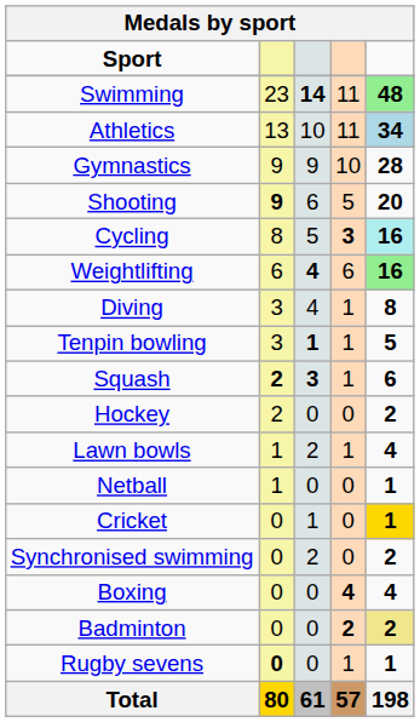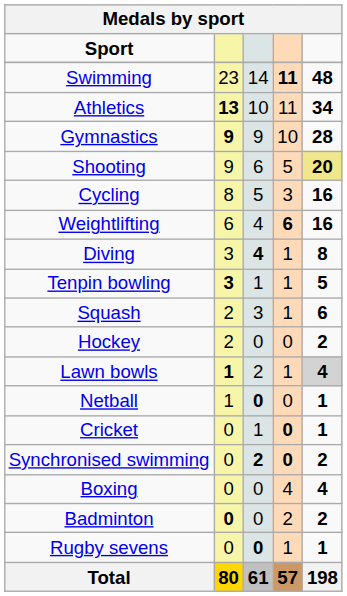 <table class="wikitable" style="font-size:85%; float:right">
 <tr style="background:#efefef;">
 <th colspan=7><strong>Medals by sport</strong></th>
 </tr>
 <tr align=center>
 <td><strong>Sport</strong></td>
 <td bgcolor=#f7f6a8></td>
 <td bgcolor=#dce5e5></td>
 <td bgcolor=#ffdab9></td>
 <td></td>
 </tr>
 <tr>
 </tr>
 <tr align=center>
 <td><a href='#'>Swimming</a></td>
 <td style="Background:#F7F6A8;">23</td>
-<td style="background:#DCE5E5;"><strong>14</strong></td>
-<td style="background:#FFDAB9;">11</td>
-<td style="background: lightgreen;"><strong>48</strong></td>
+<td style="background:#DCE5E5;">14</td>
+<td style="background:#FFDAB9;"><strong>11</strong></td>
+<td><strong>48</strong></td>
 </tr>
 <tr align=center>
 <td><a href='#'>Athletics</a></td>
-<td style="Background:#F7F6A8;">13</td>
+<td style="Background:#F7F6A8;"><strong>13</strong></td>
 <td style="background:#DCE5E5;">10</td>
 <td style="background:#FFDAB9;">11</td>
-<td style="background: lightblue;"><strong>34</strong></td>
+<td><strong>34</strong></td>
 </tr>
 <tr align=center>
 <td><a href='#'>Gymnastics</a></td>
-<td style="Background:#F7F6A8;">9</td>
+<td style="Background:#F7F6A8;"><strong>9</strong></td>
 <td style="background:#DCE5E5;">9</td>
 <td style="background:#FFDAB9;">10</td>
 <td><strong>28</strong></td>
 </tr>
 <tr align=center>
 <td><a href='#'>Shooting</a></td>
-<td style="Background:#F7F6A8;"><strong>9</strong></td>
+<td style="Background:#F7F6A8;">9</td>
 <td style="background:#DCE5E5;">6</td>
 <td style="background:#FFDAB9;">5</td>
-<td><strong>20</strong></td>
+<td style="background: khaki;"><strong>20</strong></td>
 </tr>
 <tr align=center>
 <td><a href='#'>Cycling</a></td>
 <td style="Background:#F7F6A8;">8</td>
 <td style="background:#DCE5E5;">5</td>
-<td style="background:#FFDAB9;"><strong>3</strong></td>
-<td style="background: paleturquoise;"><strong>16</strong></td>
+<td style="background:#FFDAB9;">3</td>
+<td><strong>16</strong></td>
 </tr>
 <tr align=center>
 <td><a href='#'>Weightlifting</a></td>
 <td style="Background:#F7F6A8;">6</td>
-<td style="background:#DCE5E5;"><strong>4</strong></td>
-<td style="background:#FFDAB9;">6</td>
-<td style="background: lightgreen;"><strong>16</strong></td>
+<td style="background:#DCE5E5;">4</td>
+<td style="background:#FFDAB9;"><strong>6</strong></td>
+<td><strong>16</strong></td>
 </tr>
 <tr align=center>
 <td><a href='#'>Diving</a></td>
 <td style="Background:#F7F6A8;">3</td>
-<td style="background:#DCE5E5;">4</td>
+<td style="background:#DCE5E5;"><strong>4</strong></td>
 <td style="background:#FFDAB9;">1</td>
 <td><strong>8</strong></td>
 </tr>
 <tr align=center>
 <td><a href='#'>Tenpin bowling</a></td>
-<td style="Background:#F7F6A8;">3</td>
-<td style="background:#DCE5E5;"><strong>1</strong></td>
+<td style="Background:#F7F6A8;"><strong>3</strong></td>
+<td style="background:#DCE5E5;">1</td>
 <td style="background:#FFDAB9;">1</td>
 <td><strong>5</strong></td>
 </tr>
 <tr align=center>
 <td><a href='#'>Squash</a></td>
-<td style="Background:#F7F6A8;"><strong>2</strong></td>
-<td style="background:#DCE5E5;"><strong>3</strong></td>
+<td style="Background:#F7F6A8;">2</td>
+<td style="background:#DCE5E5;">3</td>
 <td style="background:#FFDAB9;">1</td>
 <td><strong>6</strong></td>
 </tr>
 <tr align=center>
 <td><a href='#'>Hockey</a></td>
 <td style="Background:#F7F6A8;">2</td>
 <td style="background:#DCE5E5;">0</td>
 <td style="background:#FFDAB9;">0</td>
 <td><strong>2</strong></td>
 </tr>
 <tr align=center>
 <td><a href='#'>Lawn bowls</a></td>
-<td style="Background:#F7F6A8;">1</td>
+<td style="Background:#F7F6A8;"><strong>1</strong></td>
 <td style="background:#DCE5E5;">2</td>
 <td style="background:#FFDAB9;">1</td>
-<td><strong>4</strong></td>
+<td style="background: lightgrey;"><strong>4</strong></td>
 </tr>
 <tr align=center>
 <td><a href='#'>Netball</a></td>
 <td style="Background:#F7F6A8;">1</td>
-<td style="background:#DCE5E5;">0</td>
+<td style="background:#DCE5E5;"><strong>0</strong></td>
 <td style="background:#FFDAB9;">0</td>
 <td><strong>1</strong></td>
 </tr>
 <tr align=center>
 <td><a href='#'>Cricket</a></td>
 <td style="Background:#F7F6A8;">0</td>
 <td style="background:#DCE5E5;">1</td>
-<td style="background:#FFDAB9;">0</td>
-<td style="background: gold;"><strong>1</strong></td>
+<td style="background:#FFDAB9;"><strong>0</strong></td>
+<td><strong>1</strong></td>
 </tr>
 <tr align=center>
 <td><a href='#'>Synchronised swimming</a></td>
 <td style="Background:#F7F6A8;">0</td>
-<td style="background:#DCE5E5;">2</td>
-<td style="background:#FFDAB9;">0</td>
+<td style="background:#DCE5E5;"><strong>2</strong></td>
+<td style="background:#FFDAB9;"><strong>0</strong></td>
 <td><strong>2</strong></td>
 </tr>
 <tr align=center>
 <td><a href='#'>Boxing</a></td>
 <td style="Background:#F7F6A8;">0</td>
 <td style="background:#DCE5E5;">0</td>
-<td style="background:#FFDAB9;"><strong>4</strong></td>
+<td style="background:#FFDAB9;">4</td>
 <td><strong>4</strong></td>
 </tr>
 <tr align=center>
 <td><a href='#'>Badminton</a></td>
-<td style="Background:#F7F6A8;">0</td>
+<td style="Background:#F7F6A8;"><strong>0</strong></td>
 <td style="background:#DCE5E5;">0</td>
-<td style="background:#FFDAB9;"><strong>2</strong></td>
-<td style="background: khaki;"><strong>2</strong></td>
+<td style="background:#FFDAB9;">2</td>
+<td><strong>2</strong></td>
 </tr>
 <tr align=center>
 <td><a href='#'>Rugby sevens</a></td>
-<td style="Background:#F7F6A8;"><strong>0</strong></td>
-<td style="background:#DCE5E5;">0</td>
+<td style="Background:#F7F6A8;">0</td>
+<td style="background:#DCE5E5;"><strong>0</strong></td>
 <td style="background:#FFDAB9;">1</td>
 <td><strong>1</strong></td>
 </tr>
 <tr align=center>
 <th>Total</th>
 <th style="background:gold;">80</th>
 <th style="background:silver;">61</th>
 <th style="background:#c96;">57</th>
 <th>198</th>
 </tr>
 </table>
